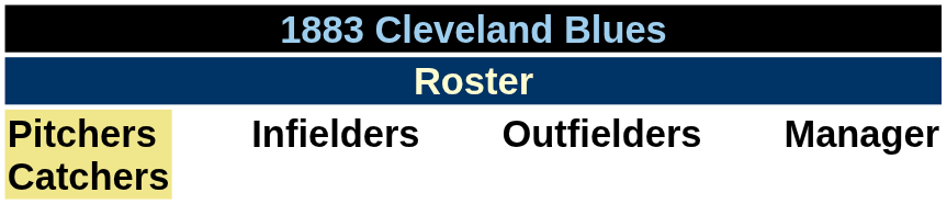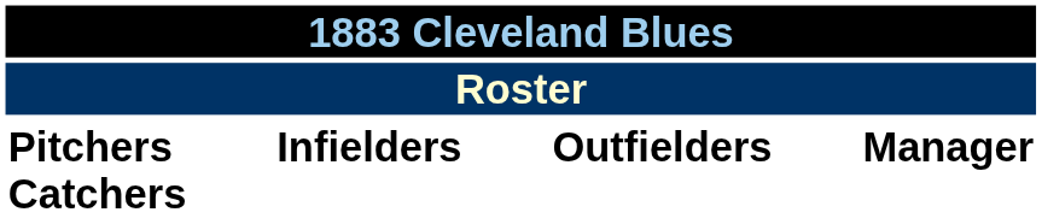 <table class="toccolours" style="font-size: 95%;">
 <tr>
 <th colspan="10" style="background-color: #000000; color: #9ECEEE; text-align: center;">1883 Cleveland Blues</th>
 </tr>
 <tr>
 <td colspan="10" style="background-color: #003366; color: #FFFDD0; text-align: center;"><strong>Roster</strong></td>
 </tr>
 <tr>
-<td valign="top" style="background: khaki;"><strong>Pitchers</strong><br>   <strong>Catchers</strong>   </td>
+<td valign="top"><strong>Pitchers</strong><br>   <strong>Catchers</strong>   </td>
 <td width="25px"></td>
 <td valign="top"><strong>Infielders</strong><br>    </td>
 <td width="25px"></td>
 <td valign="top"><strong>Outfielders</strong><br>     </td>
 <td width="25px"></td>
 <td valign="top"><strong>Manager</strong><br></td>
 </tr>
 </table>
